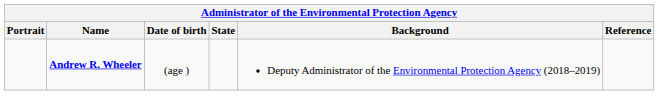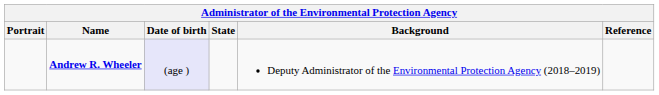 <table class="wikitable collapsible" style="text-align:center;">
 <tr>
 <th colspan="6"><a href='#'>Administrator of the Environmental Protection Agency</a></th>
 </tr>
 <tr>
 <th>Portrait</th>
 <th>Name</th>
 <th>Date of birth</th>
 <th>State</th>
 <th>Background</th>
 <th>Reference</th>
 </tr>
 <tr>
 <td></td>
 <td><strong><a href='#'>Andrew R. Wheeler</a></strong></td>
-<td><br>(age )</td>
+<td style="background: lavender;"><br>(age )</td>
 <td></td>
 <td><br><ul><li>Deputy Administrator of the <a href='#'>Environmental Protection Agency</a> (2018–2019)</li></ul></td>
 <td></td>
 </tr>
 </table>
